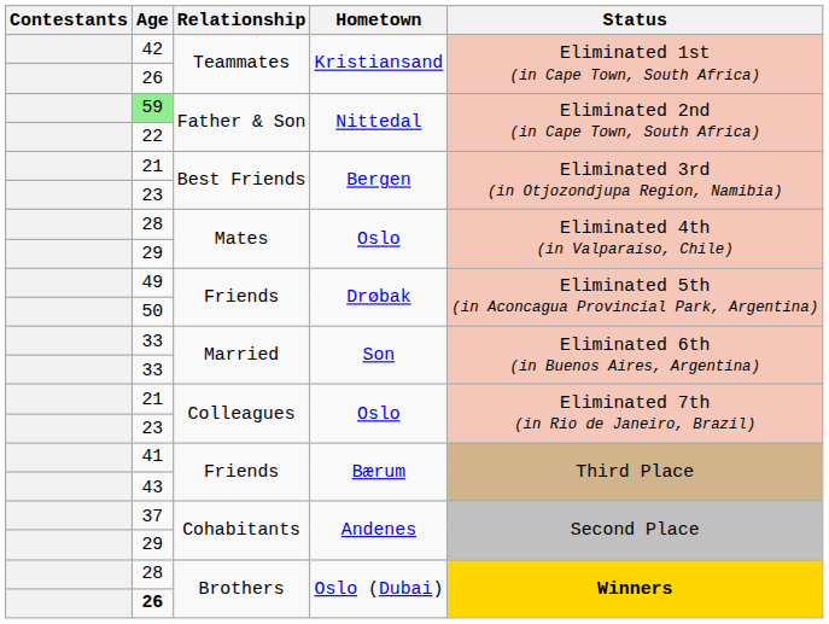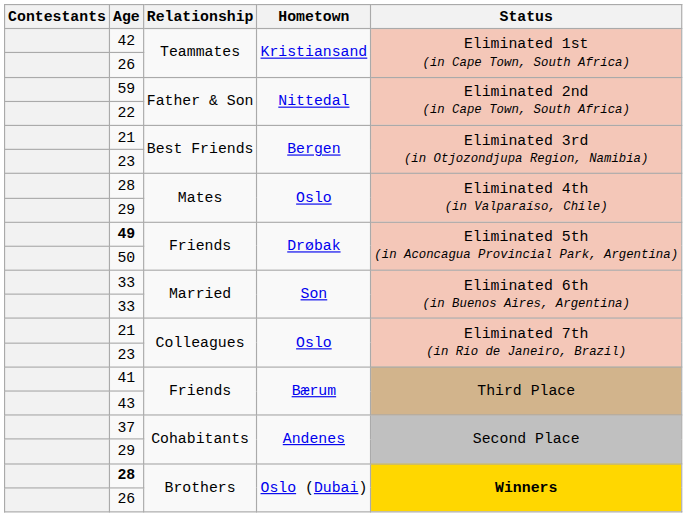 <table class="wikitable sortable" style="text-align:center;">
 <tr>
 <th scope="col">Contestants</th>
 <th scope="col">Age</th>
 <th class="unsortable" scope="col">Relationship</th>
 <th scope="col" class="unsortable">Hometown</th>
 <th scope="col">Status</th>
 </tr>
 <tr>
 <th scope="row"></th>
 <td>42</td>
 <td rowspan="2">Teammates</td>
 <td rowspan="2"><a href='#'>Kristiansand</a></td>
 <td rowspan="2" bgcolor="f4c7b8">Eliminated 1st<br><small><em>(in Cape Town, South Africa)</em></small></td>
 </tr>
 <tr>
 <th scope="row"></th>
 <td>26</td>
 </tr>
 <tr>
 <th scope="row"></th>
-<td style="background: lightgreen;">59</td>
+<td>59</td>
 <td rowspan="2">Father & Son</td>
 <td rowspan="2"><a href='#'>Nittedal</a></td>
 <td rowspan="2" bgcolor="f4c7b8">Eliminated 2nd<br><small><em>(in Cape Town, South Africa)</em></small></td>
 </tr>
 <tr>
 <th scope="row"></th>
 <td>22</td>
 </tr>
 <tr>
 <th scope="row"></th>
 <td>21</td>
 <td rowspan="2">Best Friends</td>
 <td rowspan="2"><a href='#'>Bergen</a></td>
 <td rowspan="2" bgcolor="f4c7b8">Eliminated 3rd<br><small><em>(in Otjozondjupa Region, Namibia)</em></small></td>
 </tr>
 <tr>
 <th scope="row"></th>
 <td>23</td>
 </tr>
 <tr>
 <th scope="row"></th>
 <td>28</td>
 <td rowspan="2">Mates</td>
 <td rowspan="2"><a href='#'>Oslo</a></td>
 <td rowspan="2" bgcolor="f4c7b8">Eliminated 4th<br><small><em>(in Valparaíso, Chile)</em></small></td>
 </tr>
 <tr>
 <th scope="row"></th>
 <td>29</td>
 </tr>
 <tr>
 <th scope="row"></th>
-<td>49</td>
+<td><strong>49</strong></td>
 <td rowspan="2">Friends</td>
 <td rowspan="2"><a href='#'>Drøbak</a></td>
 <td rowspan="2" bgcolor="f4c7b8">Eliminated 5th<br><small><em>(in Aconcagua Provincial Park, Argentina)</em></small></td>
 </tr>
 <tr>
 <th scope="row"></th>
 <td>50</td>
 </tr>
 <tr>
 <th scope="row"></th>
 <td>33</td>
 <td rowspan="2">Married</td>
 <td rowspan="2"><a href='#'>Son</a></td>
 <td rowspan="2" bgcolor="f4c7b8">Eliminated 6th<br><small><em>(in Buenos Aires, Argentina)</em></small></td>
 </tr>
 <tr>
 <th scope="row"></th>
 <td>33</td>
 </tr>
 <tr>
 <th scope="row"></th>
 <td>21</td>
 <td rowspan="2">Colleagues</td>
 <td rowspan="2"><a href='#'>Oslo</a></td>
 <td rowspan="2" bgcolor="f4c7b8">Eliminated 7th<br><small><em>(in Rio de Janeiro, Brazil)</em></small></td>
 </tr>
 <tr>
 <th scope="row"></th>
 <td>23</td>
 </tr>
 <tr>
 <th scope="row"></th>
 <td>41</td>
 <td rowspan="2">Friends</td>
 <td rowspan="2"><a href='#'>Bærum</a></td>
 <td rowspan="2" bgcolor="tan">Third Place</td>
 </tr>
 <tr>
 <th scope="row"></th>
 <td>43</td>
 </tr>
 <tr>
 <th scope="row"></th>
 <td>37</td>
 <td rowspan="2">Cohabitants</td>
 <td rowspan="2"><a href='#'>Andenes</a></td>
 <td rowspan="2" bgcolor="silver">Second Place</td>
 </tr>
 <tr>
 <th scope="row"></th>
 <td>29</td>
 </tr>
 <tr>
 <th scope="row"></th>
-<td>28</td>
+<td><strong>28</strong></td>
 <td rowspan="2">Brothers</td>
 <td rowspan="2"><a href='#'>Oslo</a> (<a href='#'>Dubai</a>)</td>
 <td rowspan="2" bgcolor="gold"><strong>Winners</strong></td>
 </tr>
 <tr>
 <th scope="row"></th>
-<td><strong>26</strong></td>
+<td>26</td>
 </tr>
 </table>
